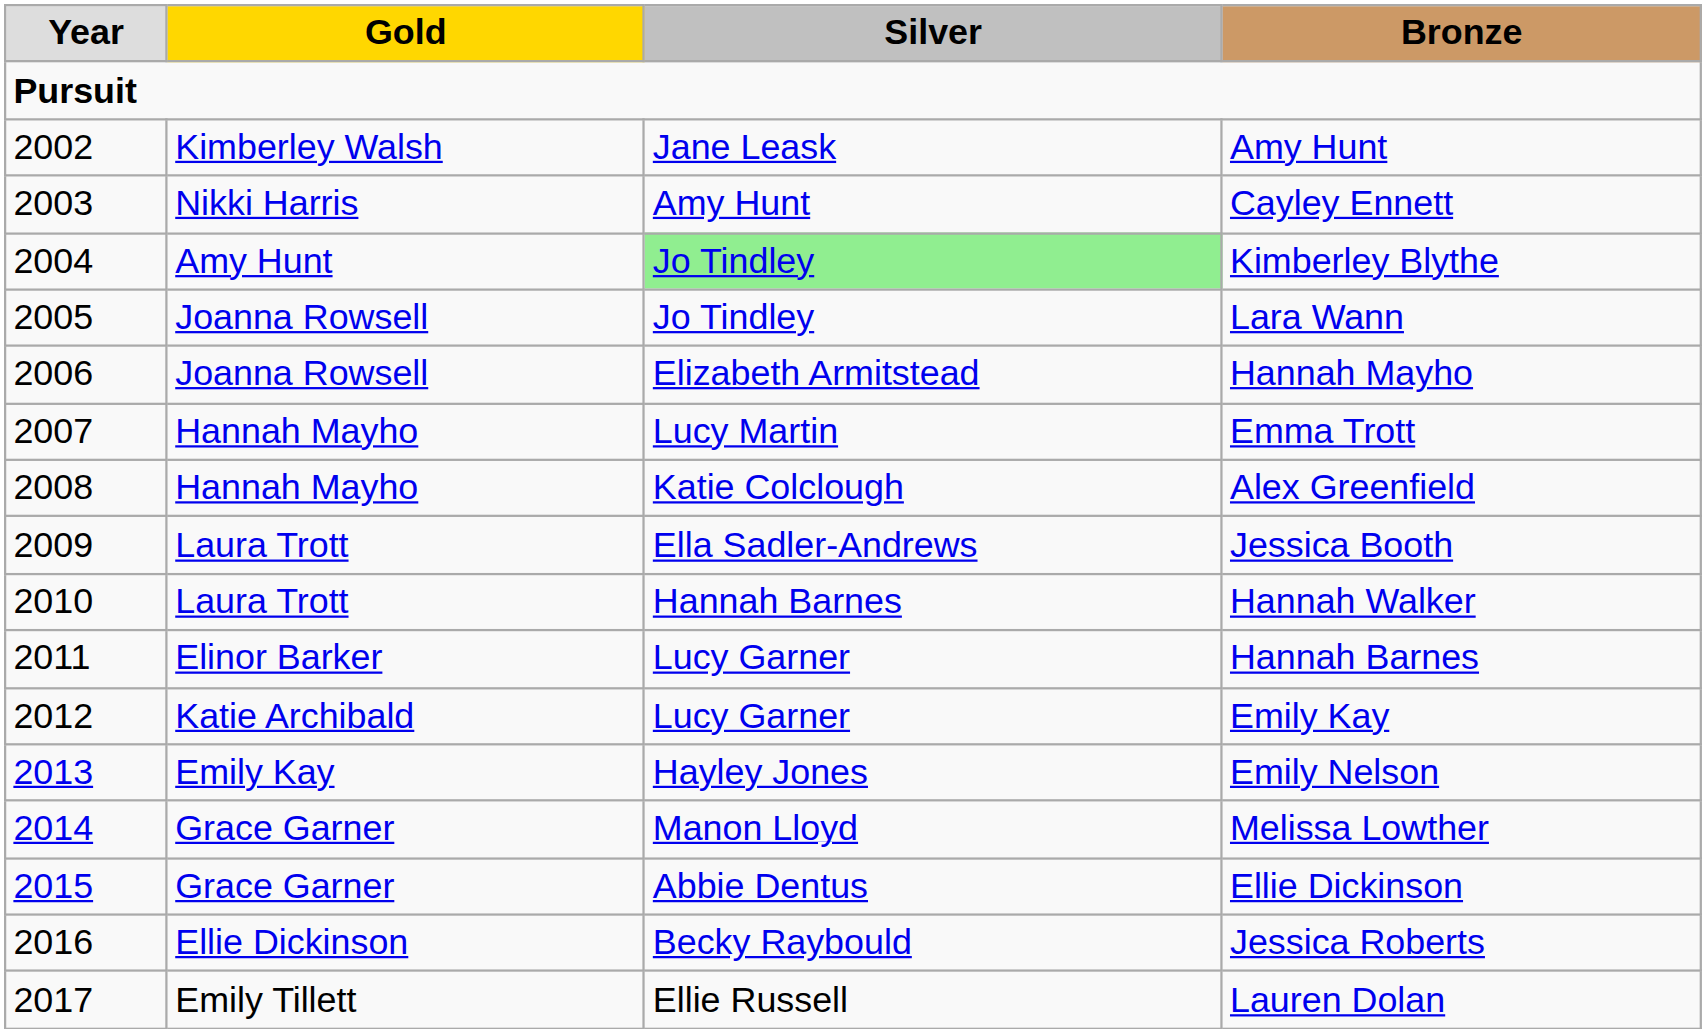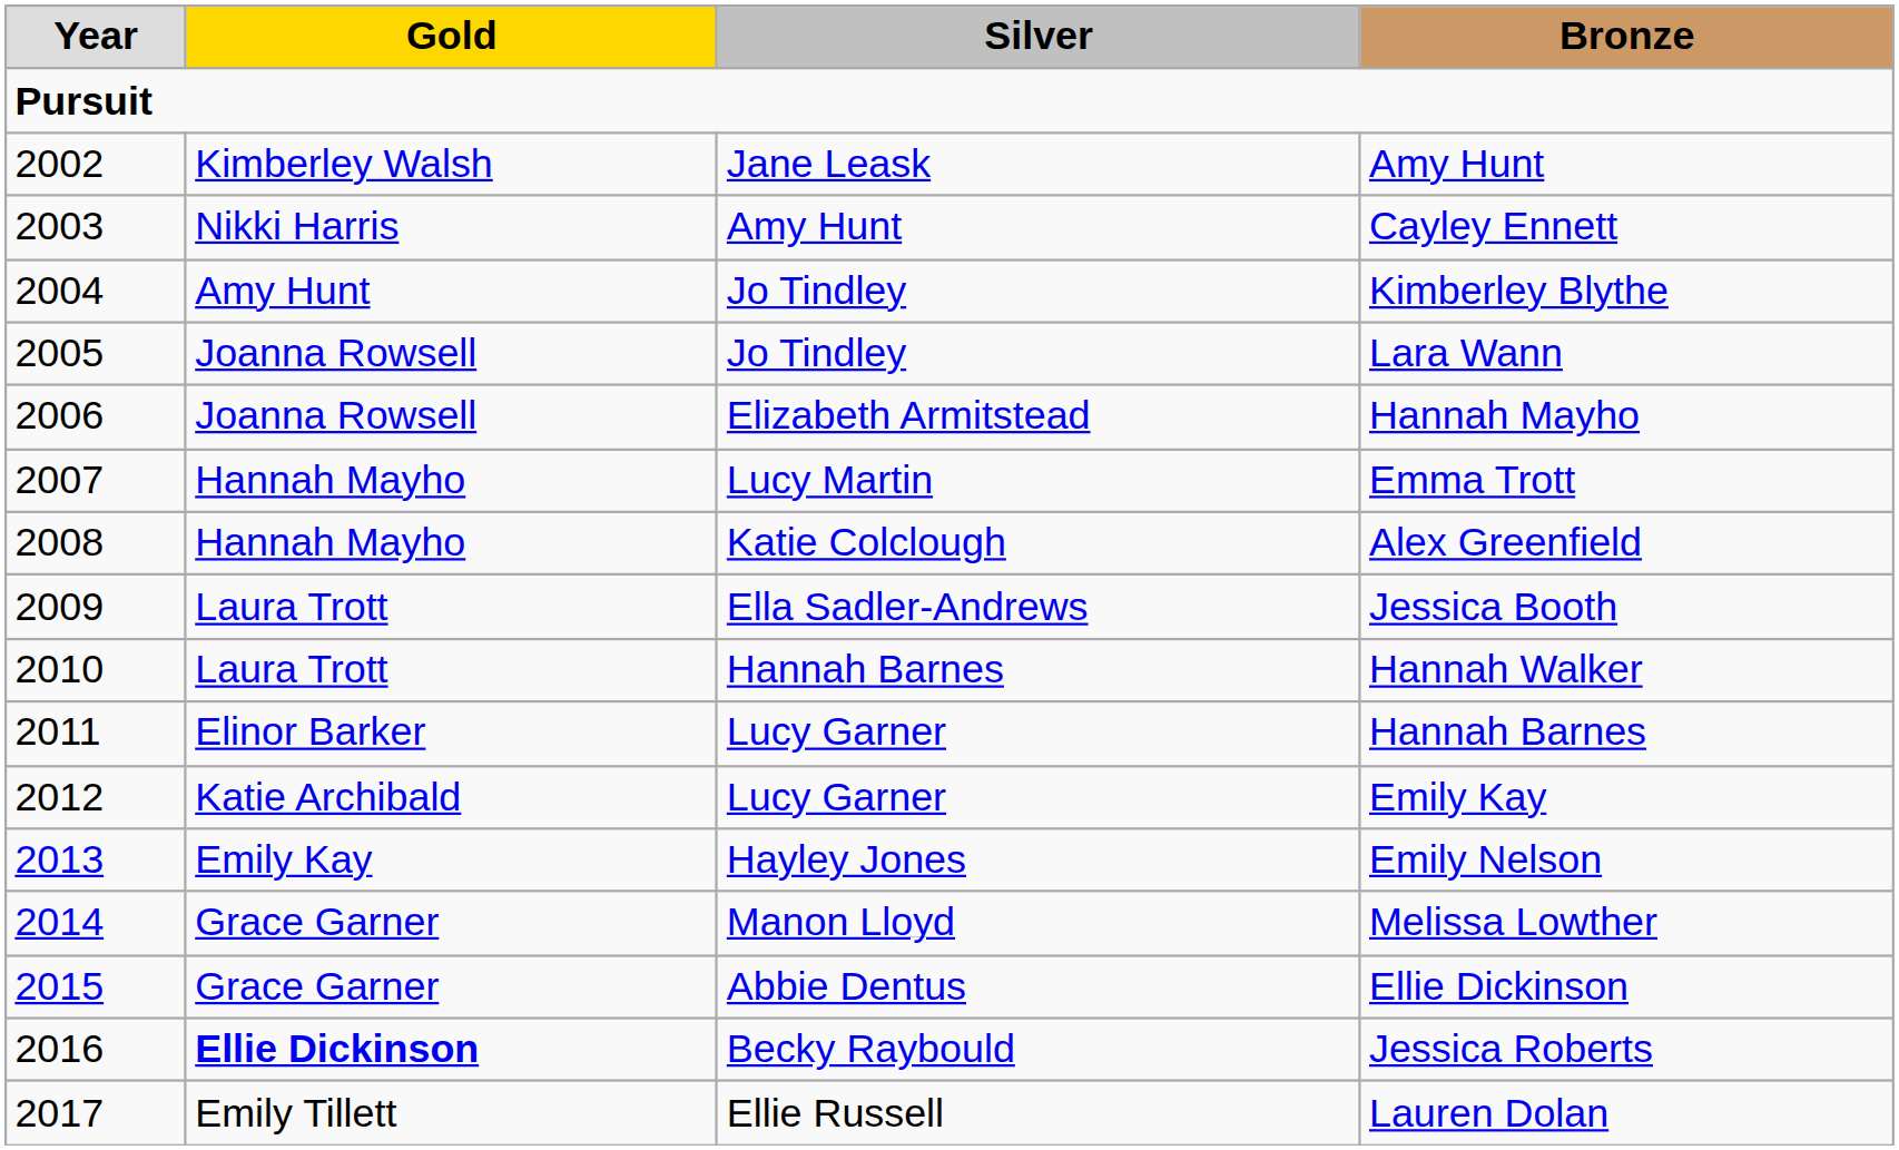 <table class="wikitable" style="width: 60%; text-align:left;">
 <tr style="text-align:center; font-weight:bold;">
 <td style="background:#ddd; ">Year</td>
 <td style="background:gold; ">Gold</td>
 <td style="background:silver; ">Silver</td>
 <td style="background:#c96; ">Bronze</td>
 </tr>
 <tr>
 <td colspan=4><strong>Pursuit</strong></td>
 </tr>
 <tr>
 <td>2002</td>
 <td><a href='#'>Kimberley Walsh</a></td>
 <td><a href='#'>Jane Leask</a></td>
 <td><a href='#'>Amy Hunt</a></td>
 </tr>
 <tr>
 <td>2003</td>
 <td><a href='#'>Nikki Harris</a></td>
 <td><a href='#'>Amy Hunt</a></td>
 <td><a href='#'>Cayley Ennett</a></td>
 </tr>
 <tr>
 <td>2004</td>
 <td><a href='#'>Amy Hunt</a></td>
-<td style="background: lightgreen;"><a href='#'>Jo Tindley</a></td>
+<td><a href='#'>Jo Tindley</a></td>
 <td><a href='#'>Kimberley Blythe</a></td>
 </tr>
 <tr>
 <td>2005</td>
 <td><a href='#'>Joanna Rowsell</a></td>
 <td><a href='#'>Jo Tindley</a></td>
 <td><a href='#'>Lara Wann</a></td>
 </tr>
 <tr>
 <td>2006</td>
 <td><a href='#'>Joanna Rowsell</a></td>
 <td><a href='#'>Elizabeth Armitstead</a></td>
 <td><a href='#'>Hannah Mayho</a></td>
 </tr>
 <tr>
 <td>2007</td>
 <td><a href='#'>Hannah Mayho</a></td>
 <td><a href='#'>Lucy Martin</a></td>
 <td><a href='#'>Emma Trott</a></td>
 </tr>
 <tr>
 <td>2008</td>
 <td><a href='#'>Hannah Mayho</a></td>
 <td><a href='#'>Katie Colclough</a></td>
 <td><a href='#'>Alex Greenfield</a></td>
 </tr>
 <tr>
 <td>2009</td>
 <td><a href='#'>Laura Trott</a></td>
 <td><a href='#'>Ella Sadler-Andrews</a></td>
 <td><a href='#'>Jessica Booth</a></td>
 </tr>
 <tr>
 <td>2010</td>
 <td><a href='#'>Laura Trott</a></td>
 <td><a href='#'>Hannah Barnes</a></td>
 <td><a href='#'>Hannah Walker</a></td>
 </tr>
 <tr>
 <td>2011</td>
 <td><a href='#'>Elinor Barker</a></td>
 <td><a href='#'>Lucy Garner</a></td>
 <td><a href='#'>Hannah Barnes</a></td>
 </tr>
 <tr>
 <td>2012</td>
 <td><a href='#'>Katie Archibald</a></td>
 <td><a href='#'>Lucy Garner</a></td>
 <td><a href='#'>Emily Kay</a></td>
 </tr>
 <tr>
 <td><a href='#'>2013</a></td>
 <td><a href='#'>Emily Kay</a></td>
 <td><a href='#'>Hayley Jones</a></td>
 <td><a href='#'>Emily Nelson</a></td>
 </tr>
 <tr>
 <td><a href='#'>2014</a></td>
 <td><a href='#'>Grace Garner</a></td>
 <td><a href='#'>Manon Lloyd</a></td>
 <td><a href='#'>Melissa Lowther</a></td>
 </tr>
 <tr>
 <td><a href='#'>2015</a></td>
 <td><a href='#'>Grace Garner</a></td>
 <td><a href='#'>Abbie Dentus</a></td>
 <td><a href='#'>Ellie Dickinson</a></td>
 </tr>
 <tr>
 <td>2016</td>
-<td><a href='#'>Ellie Dickinson</a></td>
+<td><strong><a href='#'>Ellie Dickinson</a></strong></td>
 <td><a href='#'>Becky Raybould</a></td>
 <td><a href='#'>Jessica Roberts</a></td>
 </tr>
 <tr>
 <td>2017</td>
 <td>Emily Tillett</td>
 <td>Ellie Russell</td>
 <td><a href='#'>Lauren Dolan</a></td>
 </tr>
 </table>
